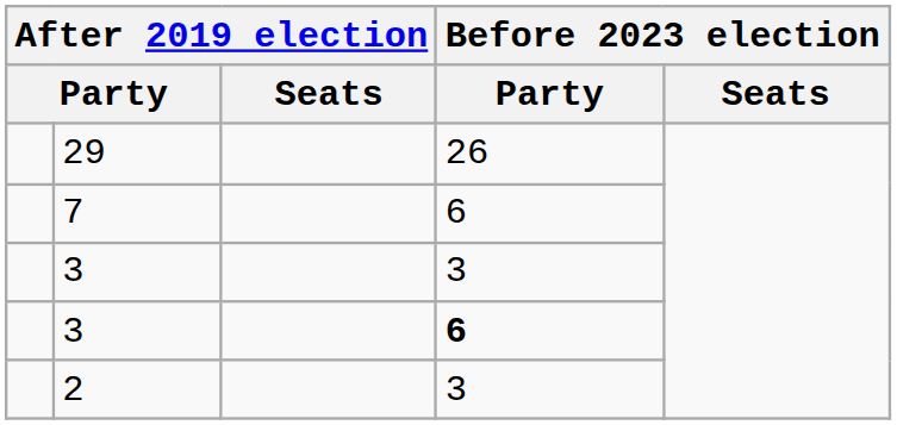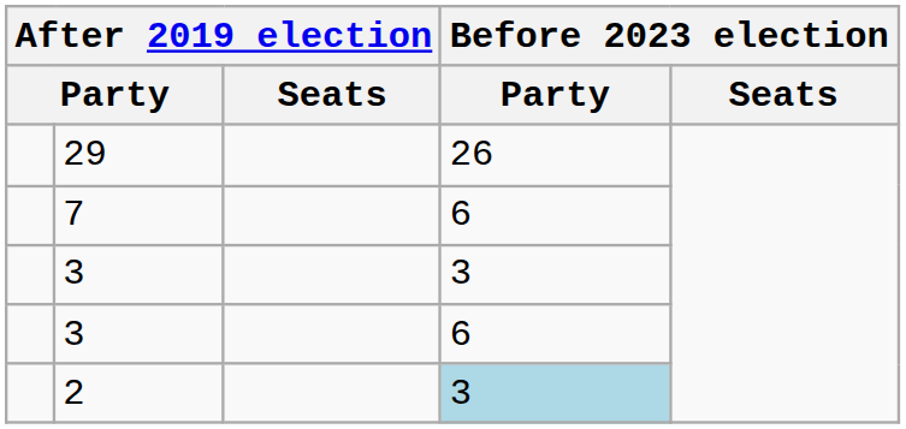 <table class="wikitable">
 <tr>
 <th colspan="3">After <a href='#'>2019 election</a></th>
 <th colspan="3">Before 2023 election</th>
 </tr>
 <tr>
 <th colspan="2">Party</th>
 <th>Seats</th>
 <th colspan="2">Party</th>
 <th>Seats</th>
 </tr>
 <tr>
 <td></td>
 <td>29</td>
 <td></td>
 <td>26</td>
 </tr>
 <tr>
 <td></td>
 <td>7</td>
 <td></td>
 <td>6</td>
 </tr>
 <tr>
 <td></td>
 <td>3</td>
 <td></td>
 <td>3</td>
 </tr>
 <tr>
 <td></td>
 <td>3</td>
 <td></td>
-<td><strong>6</strong></td>
+<td>6</td>
 </tr>
 <tr>
 <td></td>
 <td>2</td>
 <td></td>
-<td>3</td>
+<td style="background: lightblue;">3</td>
 </tr>
 </table>
